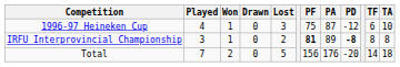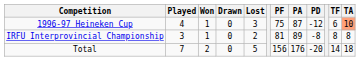 <table class="wikitable">
 <tr>
 <th>Competition</th>
 <th>Played</th>
 <th>Won</th>
 <th>Drawn</th>
 <th>Lost</th>
 <th rowspan="4"></th>
 <th>PF</th>
 <th>PA</th>
 <th>PD</th>
 <th rowspan="4"></th>
 <th>TF</th>
 <th>TA</th>
 </tr>
 <tr align=center>
 <td><a href='#'>1996-97 Heineken Cup</a></td>
 <td>4</td>
 <td>1</td>
 <td>0</td>
 <td>3</td>
 <td>75</td>
 <td>87</td>
 <td>-12</td>
 <td>6</td>
-<td>10</td>
+<td style="background: lightsalmon;">10</td>
 </tr>
 <tr align=center>
 <td><a href='#'>IRFU Interprovincial Championship</a></td>
 <td>3</td>
 <td>1</td>
 <td>0</td>
 <td>2</td>
-<td><strong>81</strong></td>
+<td>81</td>
 <td>89</td>
-<td><strong>-8</strong></td>
+<td>-8</td>
 <td>8</td>
 <td>8</td>
 </tr>
 <tr align=center>
 <td>Total</td>
 <td>7</td>
 <td>2</td>
 <td>0</td>
 <td>5</td>
 <td>156</td>
 <td>176</td>
 <td>-20</td>
 <td>14</td>
 <td>18</td>
 </tr>
 </table>
